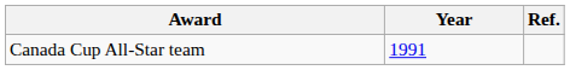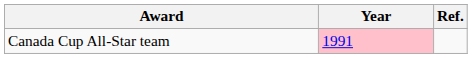 <table class="wikitable">
 <tr>
 <th scope="col" style="width:20em">Award</th>
 <th scope="col" style="width:7em">Year</th>
 <th scope="col">Ref.</th>
 </tr>
 <tr>
 <td>Canada Cup All-Star team</td>
-<td><a href='#'>1991</a></td>
+<td style="background: pink;"><a href='#'>1991</a></td>
 <td></td>
 </tr>
 </table>
